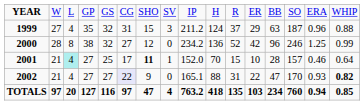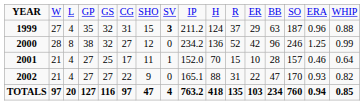 <table class="wikitable" style="text-align:center;">
 <tr>
 <td><strong>YEAR</strong></td>
 <td><a href='#'>W</a></td>
 <td><a href='#'>L</a></td>
 <td><a href='#'>GP</a></td>
 <td><a href='#'>GS</a></td>
 <td><a href='#'>CG</a></td>
 <td><a href='#'>SHO</a></td>
 <td><a href='#'>SV</a></td>
 <td><a href='#'>IP</a></td>
 <td><a href='#'>H</a></td>
 <td><a href='#'>R</a></td>
 <td><a href='#'>ER</a></td>
 <td><a href='#'>BB</a></td>
 <td><a href='#'>SO</a></td>
 <td><a href='#'>ERA</a></td>
 <td><a href='#'>WHIP</a></td>
 </tr>
 <tr>
 <td><strong>1999</strong></td>
 <td>27</td>
 <td>4</td>
 <td>35</td>
 <td>32</td>
 <td>31</td>
 <td>15</td>
-<td>3</td>
+<td><strong>3</strong></td>
 <td>211.2</td>
 <td>124</td>
 <td>37</td>
 <td>29</td>
 <td>63</td>
 <td>187</td>
 <td>0.96</td>
 <td>0.88</td>
 </tr>
 <tr>
 <td><strong>2000</strong></td>
 <td>28</td>
 <td>8</td>
 <td>38</td>
 <td>32</td>
 <td>27</td>
 <td>12</td>
 <td>0</td>
 <td>234.2</td>
 <td>136</td>
 <td>52</td>
 <td>42</td>
 <td>96</td>
 <td>246</td>
 <td>1.25</td>
 <td>0.99</td>
 </tr>
 <tr>
 <td><strong>2001</strong></td>
 <td>21</td>
-<td style="background: paleturquoise;">4</td>
+<td>4</td>
 <td>27</td>
 <td>25</td>
 <td>17</td>
-<td><strong>11</strong></td>
+<td>11</td>
 <td>1</td>
 <td>152.0</td>
 <td>70</td>
 <td>15</td>
 <td>10</td>
 <td>28</td>
 <td>157</td>
 <td>0.46</td>
 <td>0.64</td>
 </tr>
 <tr>
 <td><strong>2002</strong></td>
 <td>21</td>
 <td>4</td>
 <td>27</td>
 <td>27</td>
-<td style="background: lavender;">22</td>
+<td>22</td>
 <td>9</td>
 <td>0</td>
 <td>165.1</td>
 <td>88</td>
 <td>31</td>
 <td>22</td>
 <td>47</td>
 <td>170</td>
 <td>0.93</td>
-<td><strong>0.82</strong></td>
+<td>0.82</td>
 </tr>
 <tr>
 <td><strong>TOTALS</strong></td>
 <td><strong>97</strong></td>
 <td><strong>20</strong></td>
 <td><strong>127</strong></td>
 <td><strong>116</strong></td>
 <td><strong>97</strong></td>
 <td><strong>47</strong></td>
 <td><strong>4</strong></td>
 <td><strong>763.2</strong></td>
 <td><strong>418</strong></td>
 <td><strong>135</strong></td>
 <td><strong>103</strong></td>
 <td><strong>234</strong></td>
 <td><strong>760</strong></td>
 <td><strong>0.94</strong></td>
 <td><strong>0.85</strong></td>
 </tr>
 </table>
